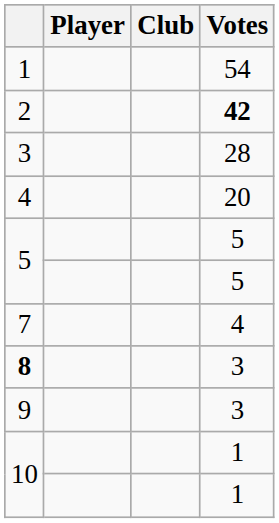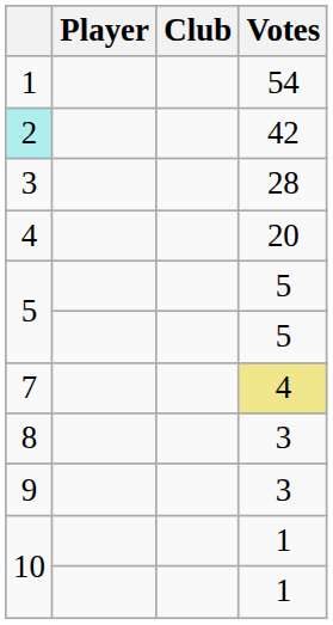 <table class="wikitable sortable" style="text-align:center">
 <tr>
 <th></th>
 <th>Player</th>
 <th>Club</th>
 <th>Votes</th>
 </tr>
 <tr>
 <td>1</td>
 <td></td>
 <td></td>
 <td>54</td>
 </tr>
 <tr>
-<td>2</td>
+<td style="background: paleturquoise;">2</td>
 <td></td>
 <td></td>
-<td><strong>42</strong></td>
+<td>42</td>
 </tr>
 <tr>
 <td>3</td>
 <td></td>
 <td></td>
 <td>28</td>
 </tr>
 <tr>
 <td>4</td>
 <td></td>
 <td></td>
 <td>20</td>
 </tr>
 <tr>
 <td rowspan="2">5</td>
 <td></td>
 <td></td>
 <td>5</td>
 </tr>
 <tr>
 <td></td>
 <td></td>
 <td>5</td>
 </tr>
 <tr>
 <td>7</td>
 <td></td>
 <td></td>
-<td>4</td>
+<td style="background: khaki;">4</td>
 </tr>
 <tr>
-<td><strong>8</strong></td>
+<td>8</td>
 <td></td>
 <td></td>
 <td>3</td>
 </tr>
 <tr>
 <td>9</td>
 <td></td>
 <td></td>
 <td>3</td>
 </tr>
 <tr>
 <td rowspan="2">10</td>
 <td></td>
 <td></td>
 <td>1</td>
 </tr>
 <tr>
 <td></td>
 <td></td>
 <td>1</td>
 </tr>
 </table>
